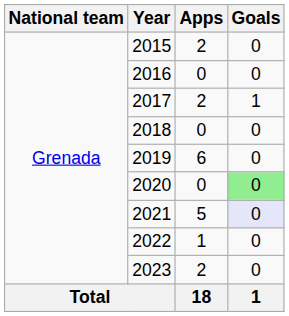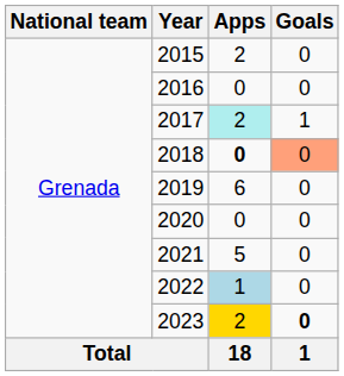 <table class="wikitable" style="text-align:center">
 <tr>
 <th>National team</th>
 <th>Year</th>
 <th>Apps</th>
 <th>Goals</th>
 </tr>
 <tr>
 <td rowspan="9"><a href='#'>Grenada</a></td>
 <td>2015</td>
 <td>2</td>
 <td>0</td>
 </tr>
 <tr>
 <td>2016</td>
 <td>0</td>
 <td>0</td>
 </tr>
 <tr>
 <td>2017</td>
-<td>2</td>
+<td style="background: paleturquoise;">2</td>
 <td>1</td>
 </tr>
 <tr>
 <td>2018</td>
-<td>0</td>
-<td>0</td>
+<td><strong>0</strong></td>
+<td style="background: lightsalmon;">0</td>
 </tr>
 <tr>
 <td>2019</td>
 <td>6</td>
 <td>0</td>
 </tr>
 <tr>
 <td>2020</td>
 <td>0</td>
-<td style="background: lightgreen;">0</td>
+<td>0</td>
 </tr>
 <tr>
 <td>2021</td>
 <td>5</td>
-<td style="background: lavender;">0</td>
+<td>0</td>
 </tr>
 <tr>
 <td>2022</td>
-<td>1</td>
+<td style="background: lightblue;">1</td>
 <td>0</td>
 </tr>
 <tr>
 <td>2023</td>
-<td>2</td>
-<td>0</td>
+<td style="background: gold;">2</td>
+<td><strong>0</strong></td>
 </tr>
 <tr>
 <th colspan="2">Total</th>
 <th>18</th>
 <th>1</th>
 </tr>
 </table>
